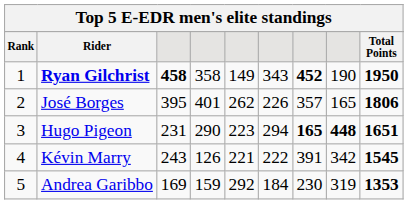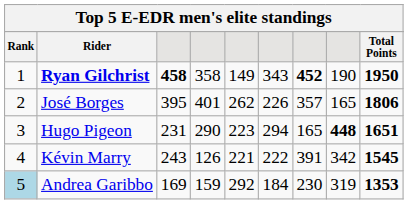 <table class="wikitable sortable">
 <tr>
 <th colspan=27 align="center"><strong>Top 5 E-EDR men's elite standings</strong></th>
 </tr>
 <tr>
 </tr>
 <tr style="font-size:8pt;font-weight:bold">
 <th align="center">Rank</th>
 <th align="center">Rider</th>
 <th class=unsortable style="background:#E5E4E2;"><small></small></th>
 <th class=unsortable style="background:#E5E4E2;"><small></small></th>
 <th class=unsortable style="background:#E5E4E2;"><small></small></th>
 <th class=unsortable style="background:#E5E4E2;"><small></small></th>
 <th class=unsortable style="background:#E5E4E2;"><small></small></th>
 <th class=unsortable style="background:#E5E4E2;"><small></small></th>
 <th align="center">Total<br>Points</th>
 </tr>
 <tr>
 <td align=center>1</td>
 <td> <strong><a href='#'>Ryan Gilchrist</a></strong></td>
 <td align=center><strong>458</strong></td>
 <td align=center>358</td>
 <td align=center>149</td>
 <td align=center>343</td>
 <td align=center><strong>452</strong></td>
 <td align=center>190</td>
 <td align=center><strong>1950</strong></td>
 </tr>
 <tr>
 <td align=center>2</td>
 <td> <a href='#'>José Borges</a></td>
 <td align=center>395</td>
 <td align=center>401</td>
 <td align=center>262</td>
 <td align=center>226</td>
 <td align=center>357</td>
 <td align=center>165</td>
 <td align=center><strong>1806</strong></td>
 </tr>
 <tr>
 <td align=center>3</td>
 <td> <a href='#'>Hugo Pigeon</a></td>
 <td align=center>231</td>
 <td align=center>290</td>
 <td align=center>223</td>
 <td align=center>294</td>
-<td align=center><strong>165</strong></td>
+<td align=center>165</td>
 <td align=center><strong>448</strong></td>
 <td align=center><strong>1651</strong></td>
 </tr>
 <tr>
 <td align=center>4</td>
 <td> <a href='#'>Kévin Marry</a></td>
 <td align=center>243</td>
 <td align=center>126</td>
 <td align=center>221</td>
 <td align=center>222</td>
 <td align=center>391</td>
 <td align=center>342</td>
 <td align=center><strong>1545</strong></td>
 </tr>
 <tr>
-<td align=center>5</td>
+<td align=center style="background: lightblue;">5</td>
 <td> <a href='#'>Andrea Garibbo</a></td>
 <td align=center>169</td>
 <td align=center>159</td>
 <td align=center>292</td>
 <td align=center>184</td>
 <td align=center>230</td>
 <td align=center>319</td>
 <td align=center><strong>1353</strong></td>
 </tr>
 </table>
